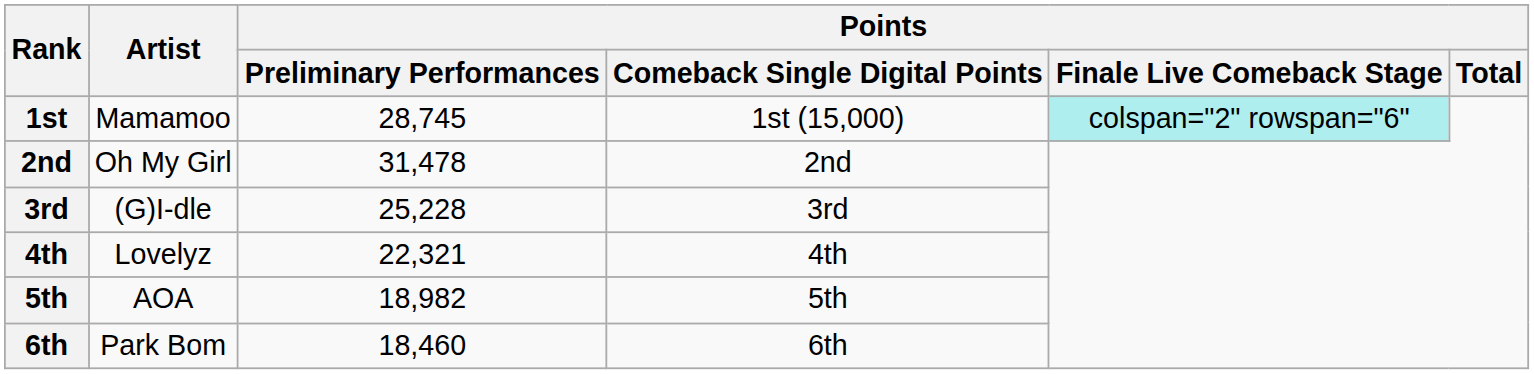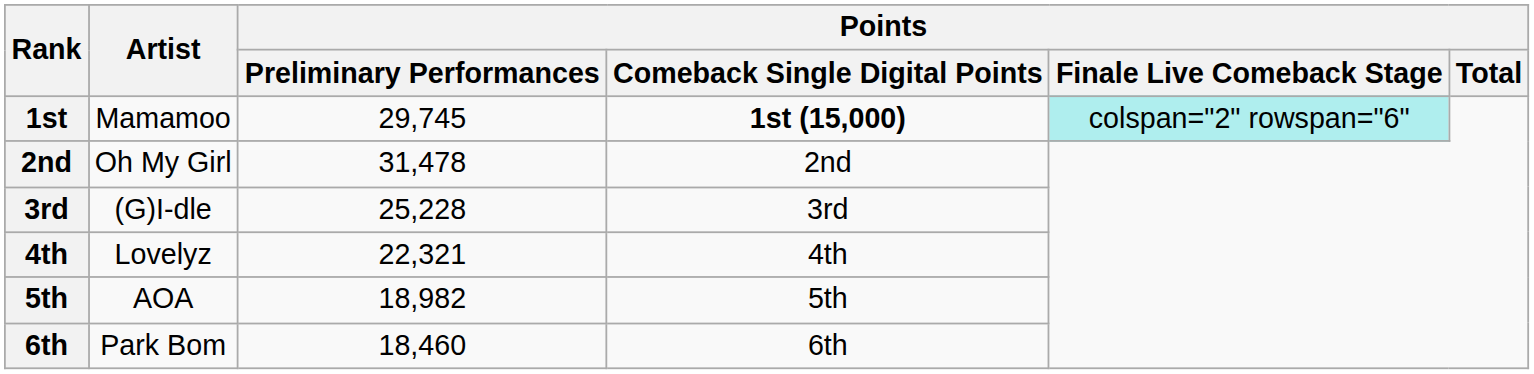 <table class="wikitable plainrowheaders sortable" style="text-align:center">
 <tr>
 <th scope="col" rowspan="2">Rank</th>
 <th scope="col" rowspan="2">Artist</th>
 <th scope="col" colspan="4">Points</th>
 </tr>
 <tr>
 <th scope="col">Preliminary Performances<br></th>
 <th scope="col">Comeback Single Digital Points<br></th>
 <th scope="col">Finale Live Comeback Stage<br></th>
 <th scope="col">Total<br></th>
 </tr>
 <tr>
 <th scope="row" style="text-align:center"><strong>1st</strong></th>
 <td>Mamamoo</td>
-<td>28,745</td>
-<td>1st (15,000)</td>
+<td>29,745</td>
+<td><strong>1st (15,000)</strong></td>
 <td style="background: paleturquoise;">colspan="2" rowspan="6" </td>
 </tr>
 <tr>
 <th scope="row" style="text-align:center"><strong>2nd</strong></th>
 <td>Oh My Girl</td>
 <td>31,478</td>
 <td>2nd</td>
 </tr>
 <tr>
 <th scope="row" style="text-align:center"><strong>3rd</strong></th>
 <td>(G)I-dle</td>
 <td>25,228</td>
 <td>3rd</td>
 </tr>
 <tr>
 <th scope="row" style="text-align:center"><strong>4th</strong></th>
 <td>Lovelyz</td>
 <td>22,321</td>
 <td>4th</td>
 </tr>
 <tr>
 <th scope="row" style="text-align:center"><strong>5th</strong></th>
 <td>AOA</td>
 <td>18,982</td>
 <td>5th</td>
 </tr>
 <tr>
 <th scope="row" style="text-align:center"><strong>6th</strong></th>
 <td>Park Bom</td>
 <td>18,460</td>
 <td>6th</td>
 </tr>
 </table>
